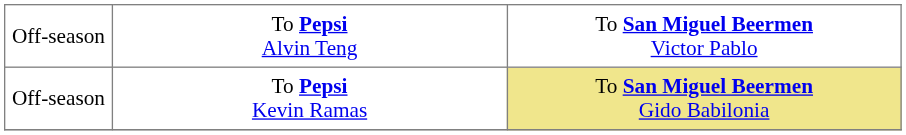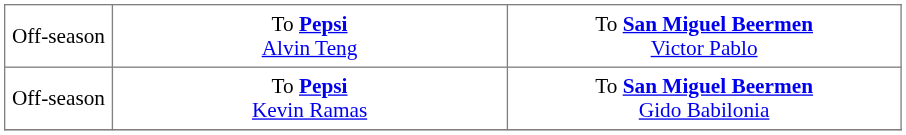 <table border="1" style="border-collapse:collapse; text-align: center" cellpadding="5">
 <tr>
 <td style="width:12%">Off-season</td>
 <td style="width:44%" valign="top">To <strong><a href='#'>Pepsi</a></strong><br><a href='#'>Alvin Teng</a></td>
 <td style="width:44%" valign="top">To <strong><a href='#'>San Miguel Beermen</a></strong><br><a href='#'>Victor Pablo</a></td>
 </tr>
 <tr>
 <td style="width:12%">Off-season</td>
 <td style="width:44%" valign="top">To <strong><a href='#'>Pepsi</a></strong><br><a href='#'>Kevin Ramas</a></td>
-<td style="background: khaki; width:44%" valign="top">To <strong><a href='#'>San Miguel Beermen</a></strong><br><a href='#'>Gido Babilonia</a></td>
+<td style="width:44%" valign="top">To <strong><a href='#'>San Miguel Beermen</a></strong><br><a href='#'>Gido Babilonia</a></td>
 </tr>
 <tr>
 </tr>
 </table>
